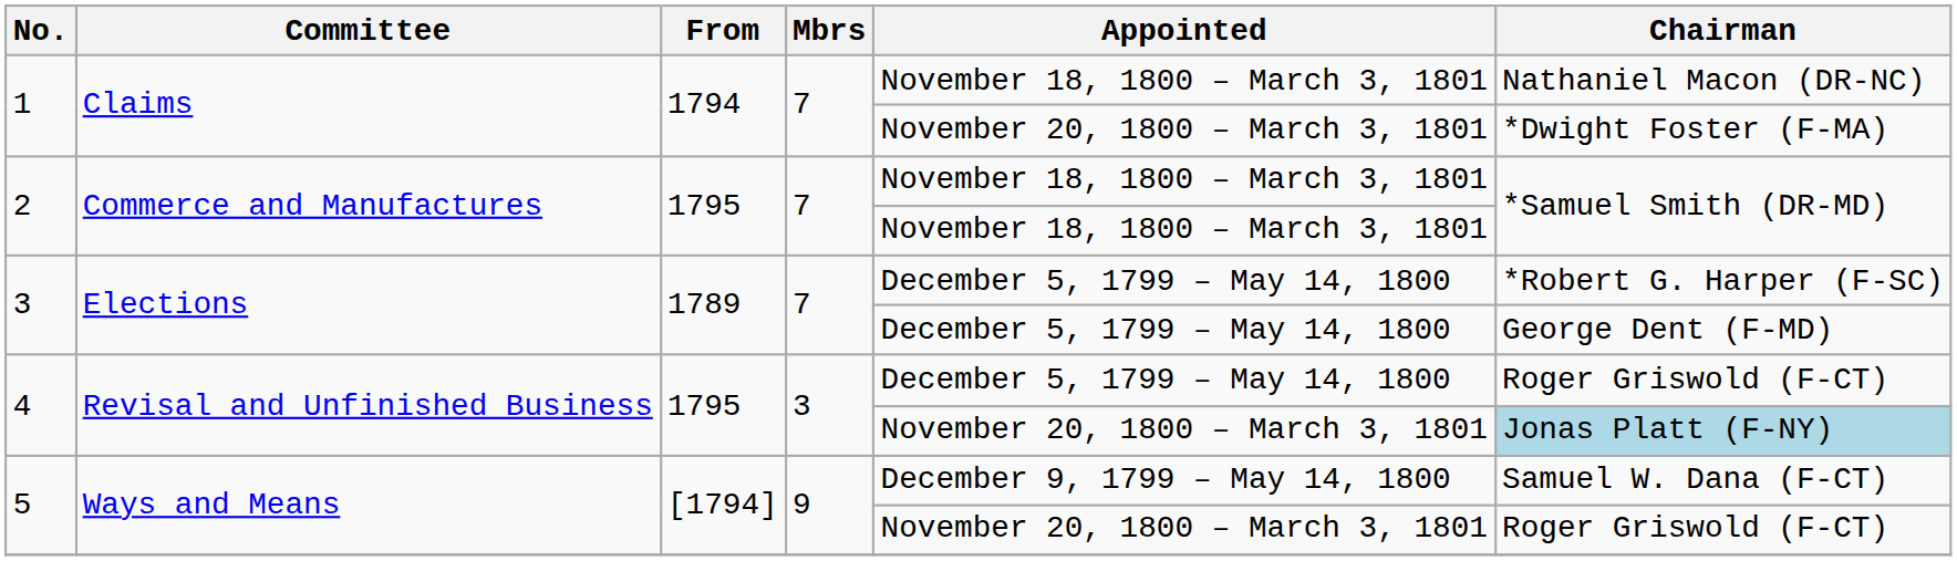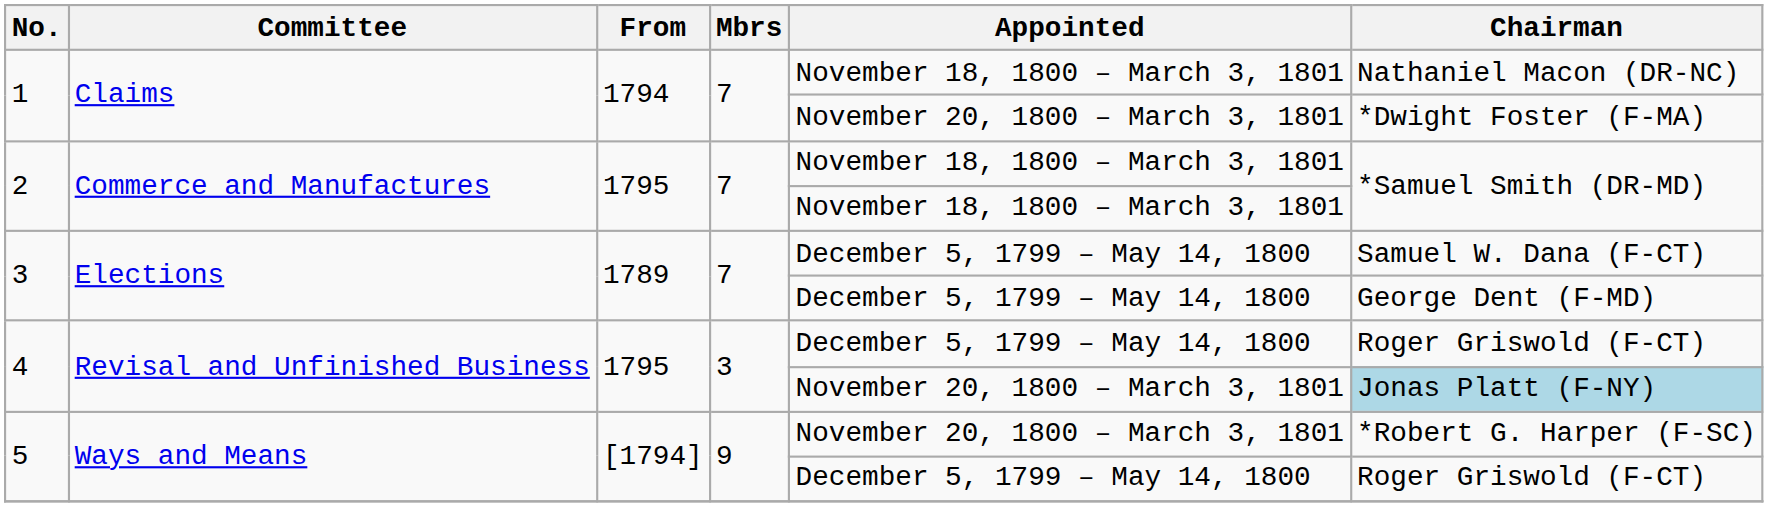 <table class="wikitable">
 <tr valign=bottom>
 <th>No.</th>
 <th>Committee</th>
 <th>From</th>
 <th>Mbrs</th>
 <th>Appointed</th>
 <th>Chairman</th>
 </tr>
 <tr>
 <td rowspan=2>1</td>
 <td rowspan=2><a href='#'>Claims</a></td>
 <td rowspan=2>1794</td>
 <td rowspan=2>7</td>
 <td>November 18, 1800 – March 3, 1801</td>
 <td>Nathaniel Macon (DR-NC)</td>
 </tr>
 <tr>
 <td>November 20, 1800 – March 3, 1801</td>
 <td>*Dwight Foster (F-MA)</td>
 </tr>
 <tr>
 <td rowspan=2>2</td>
 <td rowspan=2><a href='#'>Commerce and Manufactures</a></td>
 <td rowspan=2>1795</td>
 <td rowspan=2>7</td>
 <td>November 18, 1800 – March 3, 1801</td>
 <td rowspan=2>*Samuel Smith (DR-MD)</td>
 </tr>
 <tr>
 <td>November 18, 1800 – March 3, 1801</td>
 </tr>
 <tr>
 <td rowspan=2>3</td>
 <td rowspan=2><a href='#'>Elections</a></td>
 <td rowspan=2>1789</td>
 <td rowspan=2>7</td>
 <td>December 5, 1799 – May 14, 1800</td>
-<td>*Robert G. Harper (F-SC)</td>
+<td>Samuel W. Dana (F-CT)</td>
 </tr>
 <tr>
 <td>December 5, 1799 – May 14, 1800</td>
 <td>George Dent (F-MD)</td>
 </tr>
 <tr>
 <td rowspan=2>4</td>
 <td rowspan=2><a href='#'>Revisal and Unfinished Business</a></td>
 <td rowspan=2>1795</td>
 <td rowspan=2>3</td>
 <td>December 5, 1799 – May 14, 1800</td>
 <td>Roger Griswold (F-CT)</td>
 </tr>
 <tr>
 <td>November 20, 1800 – March 3, 1801</td>
 <td style="background: lightblue;">Jonas Platt (F-NY)</td>
 </tr>
 <tr>
 <td rowspan=2>5</td>
 <td rowspan=2><a href='#'>Ways and Means</a></td>
 <td rowspan=2>[1794]</td>
 <td rowspan=2>9</td>
-<td>December 9, 1799 – May 14, 1800</td>
-<td>Samuel W. Dana (F-CT)</td>
+<td>November 20, 1800 – March 3, 1801</td>
+<td>*Robert G. Harper (F-SC)</td>
 </tr>
 <tr>
-<td>November 20, 1800 – March 3, 1801</td>
+<td>December 5, 1799 – May 14, 1800</td>
 <td>Roger Griswold (F-CT)</td>
 </tr>
 <tr>
 </tr>
 </table>
